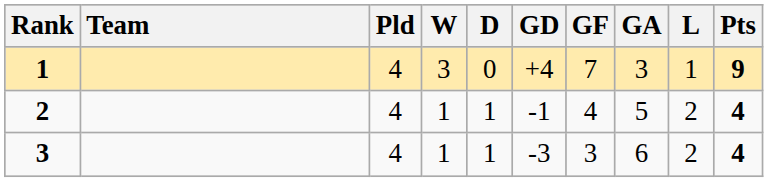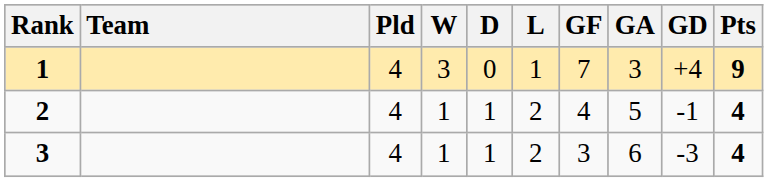 <table class="wikitable" style="text-align: center;">
 <tr>
 <th width=30>Rank</th>
 <th width=165 style="text-align:left;">Team</th>
 <th width=20>Pld</th>
 <th width=20>W</th>
 <th width=20>D</th>
-<th width=20>GD</th>
+<th width=20>L</th>
 <th width=20>GF</th>
 <th width=20>GA</th>
-<th width=20>L</th>
+<th width=20>GD</th>
 <th width=20>Pts</th>
 </tr>
 <tr style="background:#ffebad;">
 <td><strong>1</strong></td>
 <td style="text-align:left;"></td>
 <td>4</td>
 <td>3</td>
 <td>0</td>
-<td>+4</td>
+<td>1</td>
 <td>7</td>
 <td>3</td>
-<td>1</td>
+<td>+4</td>
 <td><strong>9</strong></td>
 </tr>
 <tr>
 <td><strong>2</strong></td>
 <td style="text-align:left;"></td>
 <td>4</td>
 <td>1</td>
 <td>1</td>
-<td>-1</td>
+<td>2</td>
 <td>4</td>
 <td>5</td>
-<td>2</td>
+<td>-1</td>
 <td><strong>4</strong></td>
 </tr>
 <tr>
 <td><strong>3</strong></td>
 <td style="text-align:left;"></td>
 <td>4</td>
 <td>1</td>
 <td>1</td>
-<td>-3</td>
+<td>2</td>
 <td>3</td>
 <td>6</td>
-<td>2</td>
+<td>-3</td>
 <td><strong>4</strong></td>
 </tr>
 </table>
